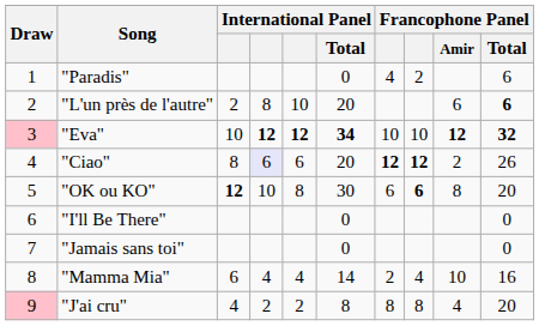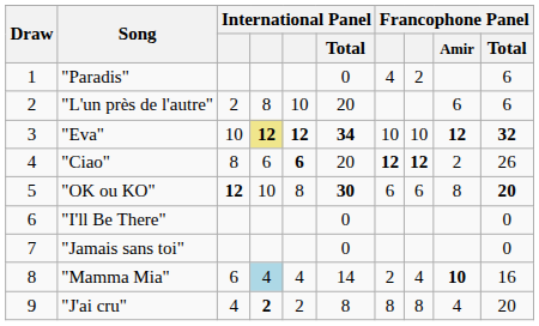 <table class="wikitable collapsible" style="margin: 1em auto 1em auto; text-align:center;">
 <tr>
 </tr>
 <tr>
 <th rowspan="2">Draw</th>
 <th rowspan="2">Song</th>
 <th colspan="4">International Panel</th>
 <th colspan="4">Francophone Panel</th>
 </tr>
 <tr>
 <th><br><small></small></th>
 <th><br><small></small></th>
 <th><br><small></small></th>
 <th>Total</th>
 <th><small></small></th>
 <th><small></small></th>
 <th><small>Amir</small></th>
 <th>Total</th>
 </tr>
 <tr>
 <td>1</td>
 <td align="left">"Paradis"</td>
 <td></td>
 <td></td>
 <td></td>
 <td>0</td>
 <td>4</td>
 <td>2</td>
 <td></td>
 <td>6</td>
 </tr>
 <tr>
 <td>2</td>
 <td align="left">"L'un près de l'autre"</td>
 <td>2</td>
 <td>8</td>
 <td>10</td>
 <td>20</td>
 <td></td>
 <td></td>
 <td>6</td>
-<td><strong>6</strong></td>
+<td>6</td>
 </tr>
 <tr>
-<td style="background: pink;">3</td>
+<td>3</td>
 <td align="left">"Eva"</td>
 <td>10</td>
-<td><strong>12</strong></td>
+<td style="background: khaki;"><strong>12</strong></td>
 <td><strong>12</strong></td>
 <td><strong>34</strong></td>
 <td>10</td>
 <td>10</td>
 <td><strong>12</strong></td>
 <td><strong>32</strong></td>
 </tr>
 <tr>
 <td>4</td>
 <td align="left">"Ciao"</td>
 <td>8</td>
-<td style="background: lavender;">6</td>
 <td>6</td>
+<td><strong>6</strong></td>
 <td>20</td>
 <td><strong>12</strong></td>
 <td><strong>12</strong></td>
 <td>2</td>
 <td>26</td>
 </tr>
 <tr>
 <td>5</td>
 <td align="left">"OK ou KO"</td>
 <td><strong>12</strong></td>
 <td>10</td>
 <td>8</td>
-<td>30</td>
+<td><strong>30</strong></td>
 <td>6</td>
-<td><strong>6</strong></td>
+<td>6</td>
 <td>8</td>
-<td>20</td>
+<td><strong>20</strong></td>
 </tr>
 <tr>
 <td>6</td>
 <td align="left">"I'll Be There"</td>
 <td></td>
 <td></td>
 <td></td>
 <td>0</td>
 <td></td>
 <td></td>
 <td></td>
 <td>0</td>
 </tr>
 <tr>
 <td>7</td>
 <td align="left">"Jamais sans toi"</td>
 <td></td>
 <td></td>
 <td></td>
 <td>0</td>
 <td></td>
 <td></td>
 <td></td>
 <td>0</td>
 </tr>
 <tr>
 <td>8</td>
 <td align="left">"Mamma Mia"</td>
 <td>6</td>
-<td>4</td>
+<td style="background: lightblue;">4</td>
 <td>4</td>
 <td>14</td>
 <td>2</td>
 <td>4</td>
-<td>10</td>
+<td><strong>10</strong></td>
 <td>16</td>
 </tr>
 <tr>
-<td style="background: pink;">9</td>
+<td>9</td>
 <td align="left">"J'ai cru"</td>
 <td>4</td>
-<td>2</td>
+<td><strong>2</strong></td>
 <td>2</td>
 <td>8</td>
 <td>8</td>
 <td>8</td>
 <td>4</td>
 <td>20</td>
 </tr>
 </table>
